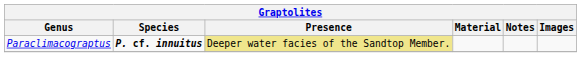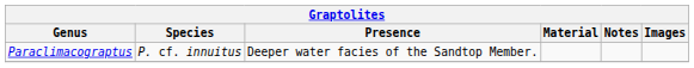 <table class="wikitable" align="center">
 <tr>
 <th colspan="6" align="center"><strong><a href='#'>Graptolites</a></strong></th>
 </tr>
 <tr>
 <th>Genus</th>
 <th>Species</th>
 <th>Presence</th>
 <th><strong>Material</strong></th>
 <th>Notes</th>
 <th>Images</th>
 </tr>
 <tr>
 <td><em><a href='#'>Paraclimacograptus</a></em></td>
-<td><strong><em>P.</em> cf. <em>innuitus</em></strong></td>
-<td style="background: khaki;">Deeper water facies of the Sandtop Member.</td>
+<td><em>P.</em> cf. <em>innuitus</em></td>
+<td>Deeper water facies of the Sandtop Member.</td>
 <td></td>
 <td></td>
 <td></td>
 </tr>
 <tr>
 </tr>
 </table>
